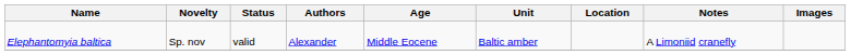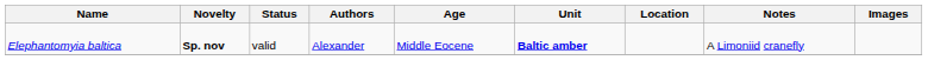 <table class="wikitable sortable" align="center" width="100%">
 <tr>
 <th>Name</th>
 <th>Novelty</th>
 <th>Status</th>
 <th>Authors</th>
 <th>Age</th>
 <th>Unit</th>
 <th>Location</th>
 <th>Notes</th>
 <th>Images</th>
 </tr>
 <tr>
 <td><br><em><a href='#'>Elephantomyia baltica</a></em></td>
-<td><br>Sp. nov</td>
+<td><strong><br>Sp. nov</strong></td>
 <td><br>valid</td>
 <td><br><a href='#'>Alexander</a></td>
 <td><br><a href='#'>Middle Eocene</a></td>
-<td><br><a href='#'>Baltic amber</a></td>
+<td><strong><br><a href='#'>Baltic amber</a></strong></td>
 <td><br></td>
 <td><br>A <a href='#'>Limoniid</a> <a href='#'>cranefly</a></td>
 <td></td>
 </tr>
 <tr>
 </tr>
 </table>
